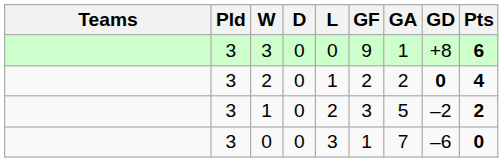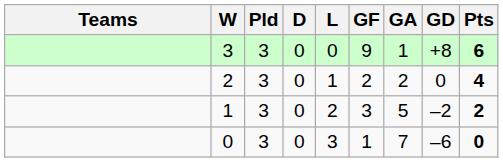 <table class="wikitable" style="text-align: center;">
 <tr>
 <th width=165>Teams</th>
+<th width=20>W</th>
 <th width=20>Pld</th>
-<th width=20>W</th>
 <th width=20>D</th>
 <th width=20>L</th>
 <th width=20>GF</th>
 <th width=20>GA</th>
 <th width=20>GD</th>
 <th width=20>Pts</th>
 </tr>
 <tr align=center style="background:#ccffcc;">
 <td style="text-align:left;"></td>
 <td>3</td>
 <td>3</td>
 <td>0</td>
 <td>0</td>
 <td>9</td>
 <td>1</td>
 <td>+8</td>
 <td><strong>6</strong></td>
 </tr>
 <tr align=center>
 <td style="text-align:left;"></td>
+<td>2</td>
 <td>3</td>
-<td>2</td>
 <td>0</td>
 <td>1</td>
 <td>2</td>
 <td>2</td>
-<td><strong>0</strong></td>
+<td>0</td>
 <td><strong>4</strong></td>
 </tr>
 <tr align=center>
 <td style="text-align:left;"></td>
+<td>1</td>
 <td>3</td>
-<td>1</td>
 <td>0</td>
 <td>2</td>
 <td>3</td>
 <td>5</td>
 <td>–2</td>
 <td><strong>2</strong></td>
 </tr>
 <tr align=center>
 <td style="text-align:left;"></td>
+<td>0</td>
 <td>3</td>
-<td>0</td>
 <td>0</td>
 <td>3</td>
 <td>1</td>
 <td>7</td>
 <td>–6</td>
 <td><strong>0</strong></td>
 </tr>
 </table>
